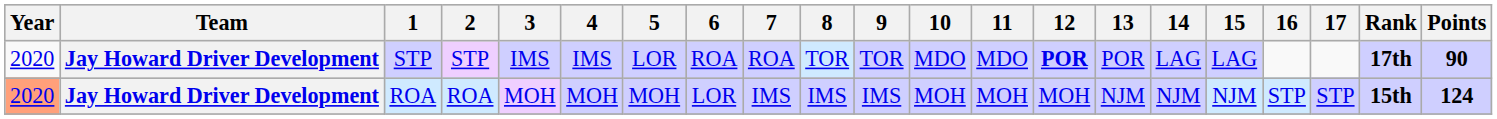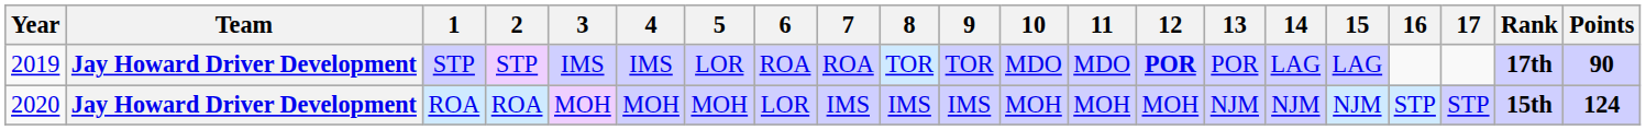 <table class="wikitable" style="text-align:center; font-size:85%">
 <tr>
 <th>Year</th>
 <th>Team</th>
 <th>1</th>
 <th>2</th>
 <th>3</th>
 <th>4</th>
 <th>5</th>
 <th>6</th>
 <th>7</th>
 <th>8</th>
 <th>9</th>
 <th>10</th>
 <th>11</th>
 <th>12</th>
 <th>13</th>
 <th>14</th>
 <th>15</th>
 <th>16</th>
 <th>17</th>
 <th>Rank</th>
 <th>Points</th>
 </tr>
 <tr>
-<td><a href='#'>2020</a></td>
+<td><a href='#'>2019</a></td>
 <th nowrap><a href='#'>Jay Howard Driver Development</a></th>
 <td style="background:#CFCFFF;"><a href='#'>STP</a><br></td>
 <td style="background:#EFCFFF;"><a href='#'>STP</a><br></td>
 <td style="background:#CFCFFF;"><a href='#'>IMS</a><br></td>
 <td style="background:#CFCFFF;"><a href='#'>IMS</a><br></td>
 <td style="background:#CFCFFF;"><a href='#'>LOR</a><br></td>
 <td style="background:#CFCFFF;"><a href='#'>ROA</a><br></td>
 <td style="background:#CFCFFF;"><a href='#'>ROA</a><br></td>
 <td style="background:#CFEAFF;"><a href='#'>TOR</a><br></td>
 <td style="background:#CFCFFF;"><a href='#'>TOR</a><br></td>
 <td style="background:#CFCFFF;"><a href='#'>MDO</a><br></td>
 <td style="background:#CFCFFF;"><a href='#'>MDO</a><br></td>
 <td style="background:#CFCFFF;"><strong><a href='#'>POR</a><br></strong></td>
 <td style="background:#CFCFFF;"><a href='#'>POR</a><br></td>
 <td style="background:#CFCFFF;"><a href='#'>LAG</a><br></td>
 <td style="background:#CFCFFF;"><a href='#'>LAG</a><br></td>
 <td></td>
 <td></td>
 <th style="background:#CFCFFF;">17th</th>
 <th style="background:#CFCFFF;">90</th>
 </tr>
 <tr>
-<td style="background: lightsalmon;"><a href='#'>2020</a></td>
+<td><a href='#'>2020</a></td>
 <th nowrap><a href='#'>Jay Howard Driver Development</a></th>
 <td style="background:#CFEAFF;"><a href='#'>ROA</a><br></td>
 <td style="background:#CFEAFF;"><a href='#'>ROA</a><br></td>
 <td style="background:#EFCFFF;"><a href='#'>MOH</a><br></td>
 <td style="background:#CFCFFF;"><a href='#'>MOH</a><br></td>
 <td style="background:#CFCFFF;"><a href='#'>MOH</a><br></td>
 <td style="background:#CFCFFF;"><a href='#'>LOR</a><br></td>
 <td style="background:#CFCFFF;"><a href='#'>IMS</a><br></td>
 <td style="background:#CFCFFF;"><a href='#'>IMS</a><br></td>
 <td style="background:#CFCFFF;"><a href='#'>IMS</a><br></td>
 <td style="background:#CFCFFF;"><a href='#'>MOH</a><br></td>
 <td style="background:#CFCFFF;"><a href='#'>MOH</a><br></td>
 <td style="background:#CFCFFF;"><a href='#'>MOH</a><br></td>
 <td style="background:#CFCFFF;"><a href='#'>NJM</a><br></td>
 <td style="background:#CFCFFF;"><a href='#'>NJM</a><br></td>
 <td style="background:#CFEAFF;"><a href='#'>NJM</a><br></td>
 <td style="background:#CFEAFF;"><a href='#'>STP</a><br></td>
 <td style="background:#CFCFFF;"><a href='#'>STP</a><br></td>
 <th style="background:#CFCFFF;">15th</th>
 <th style="background:#CFCFFF;">124</th>
 </tr>
 </table>
